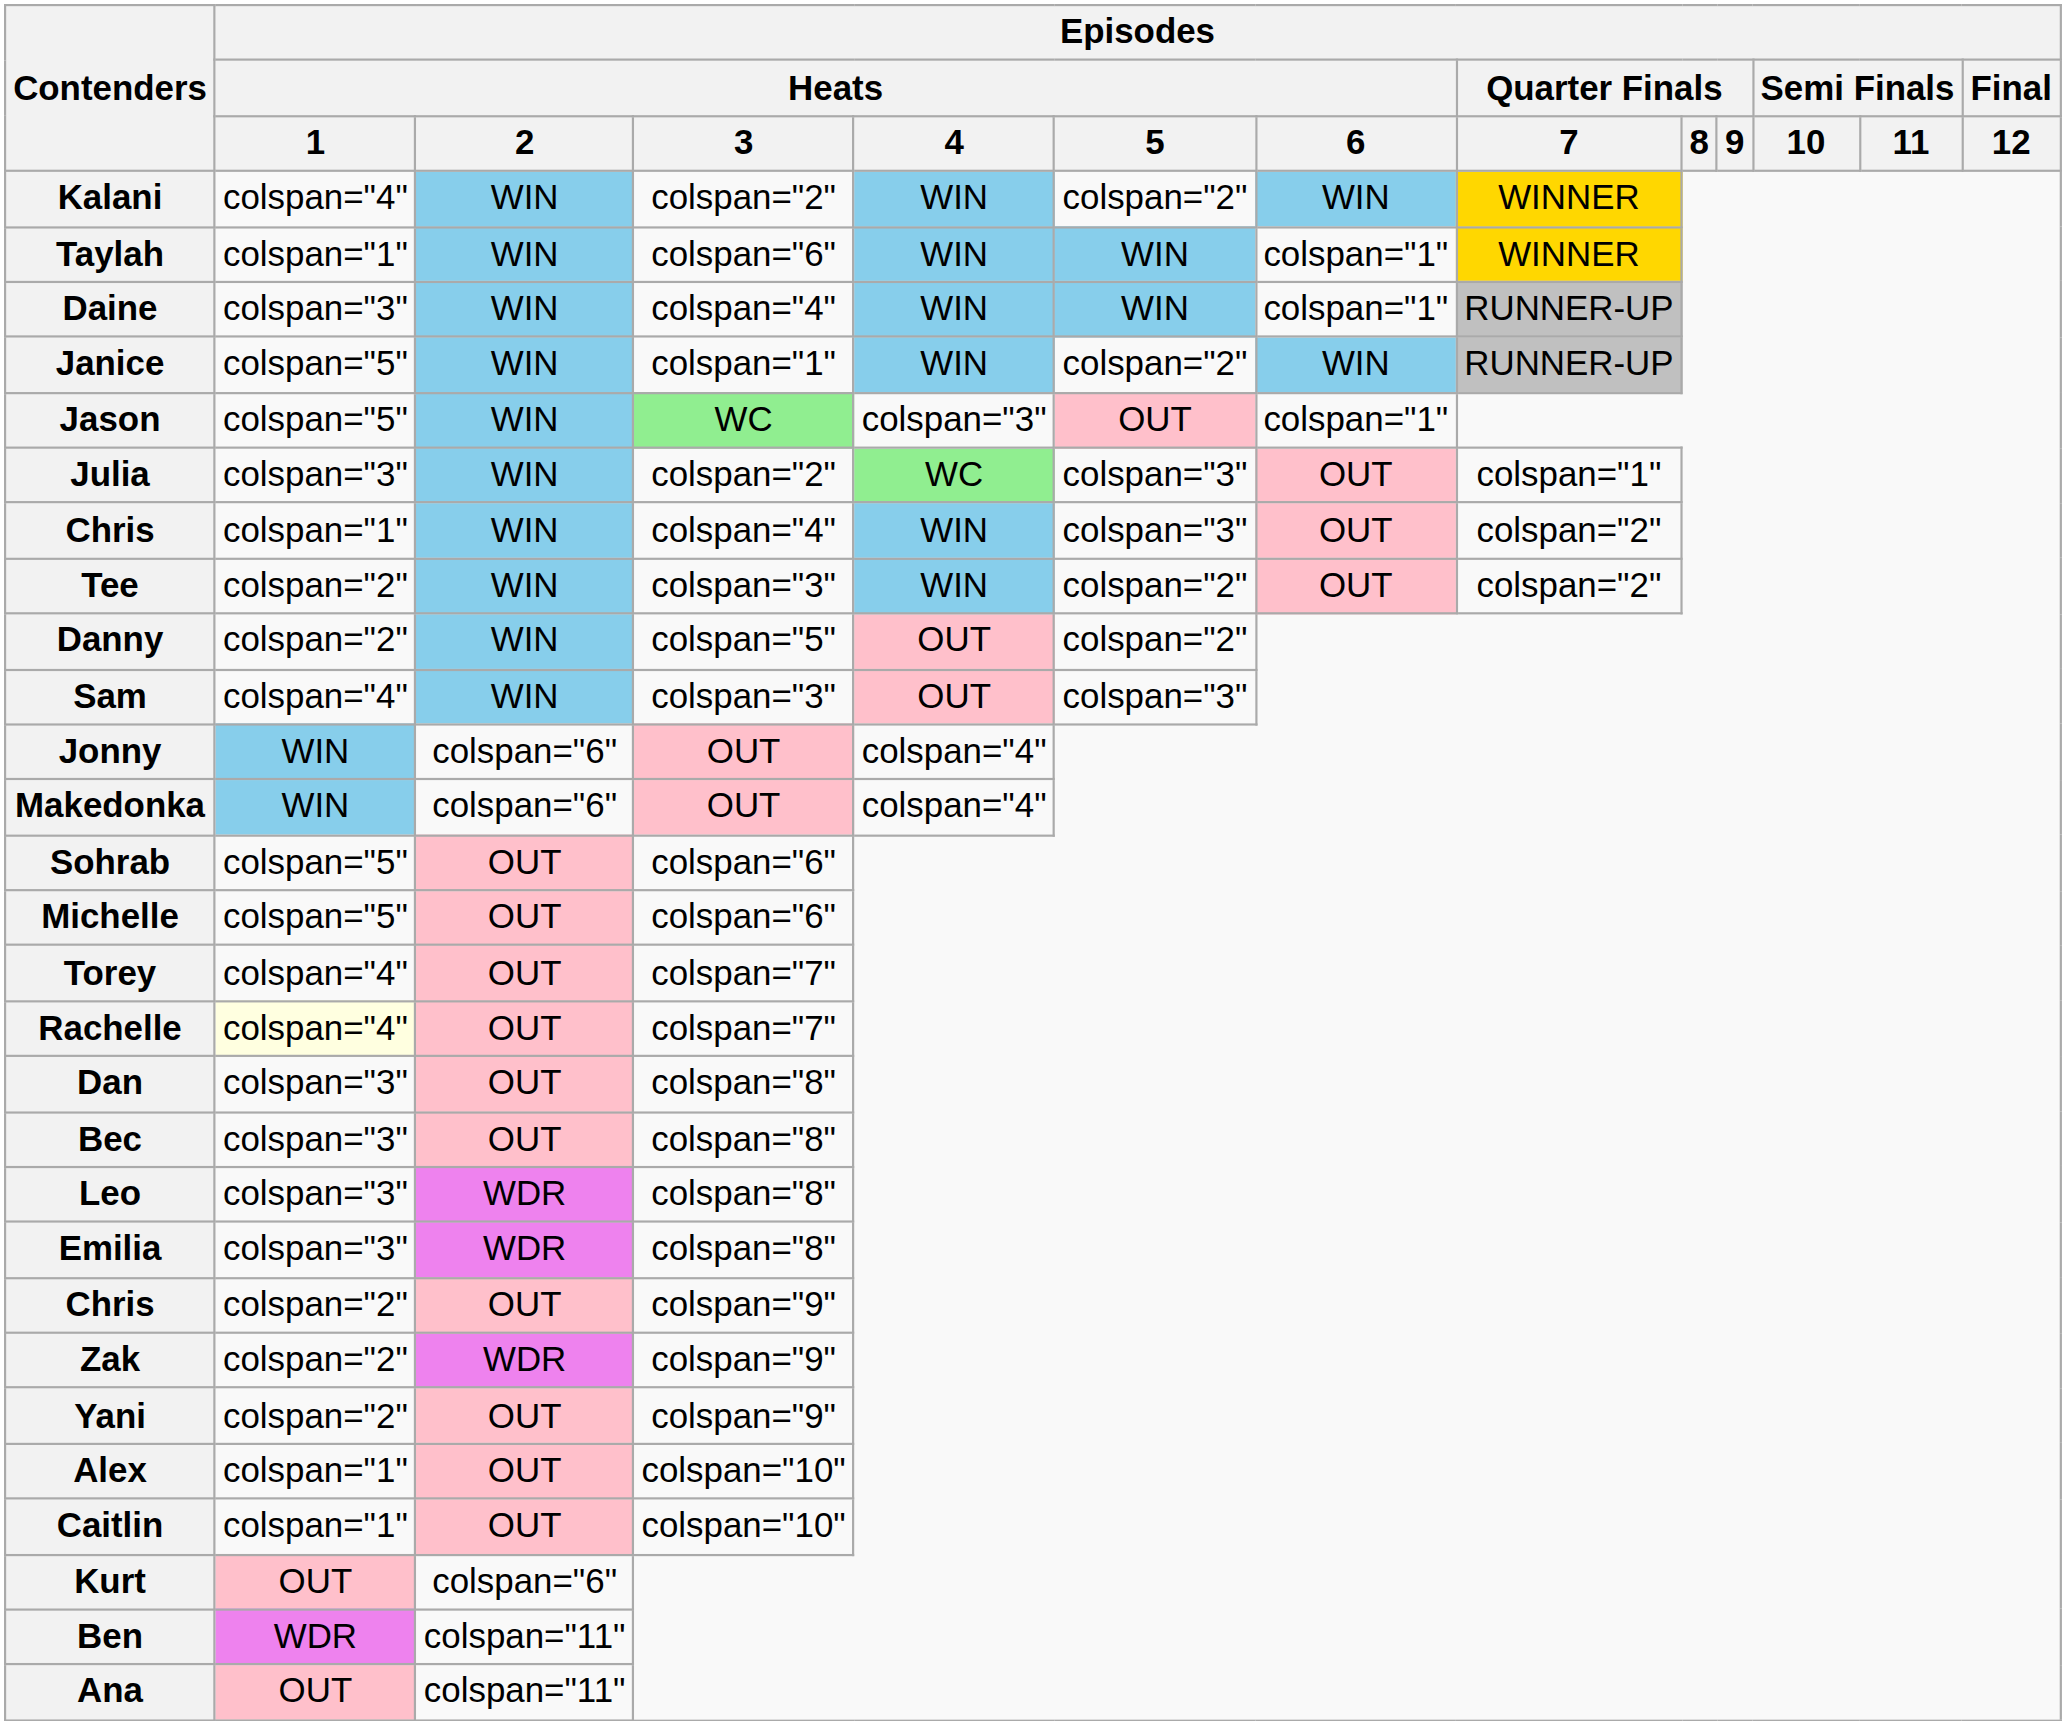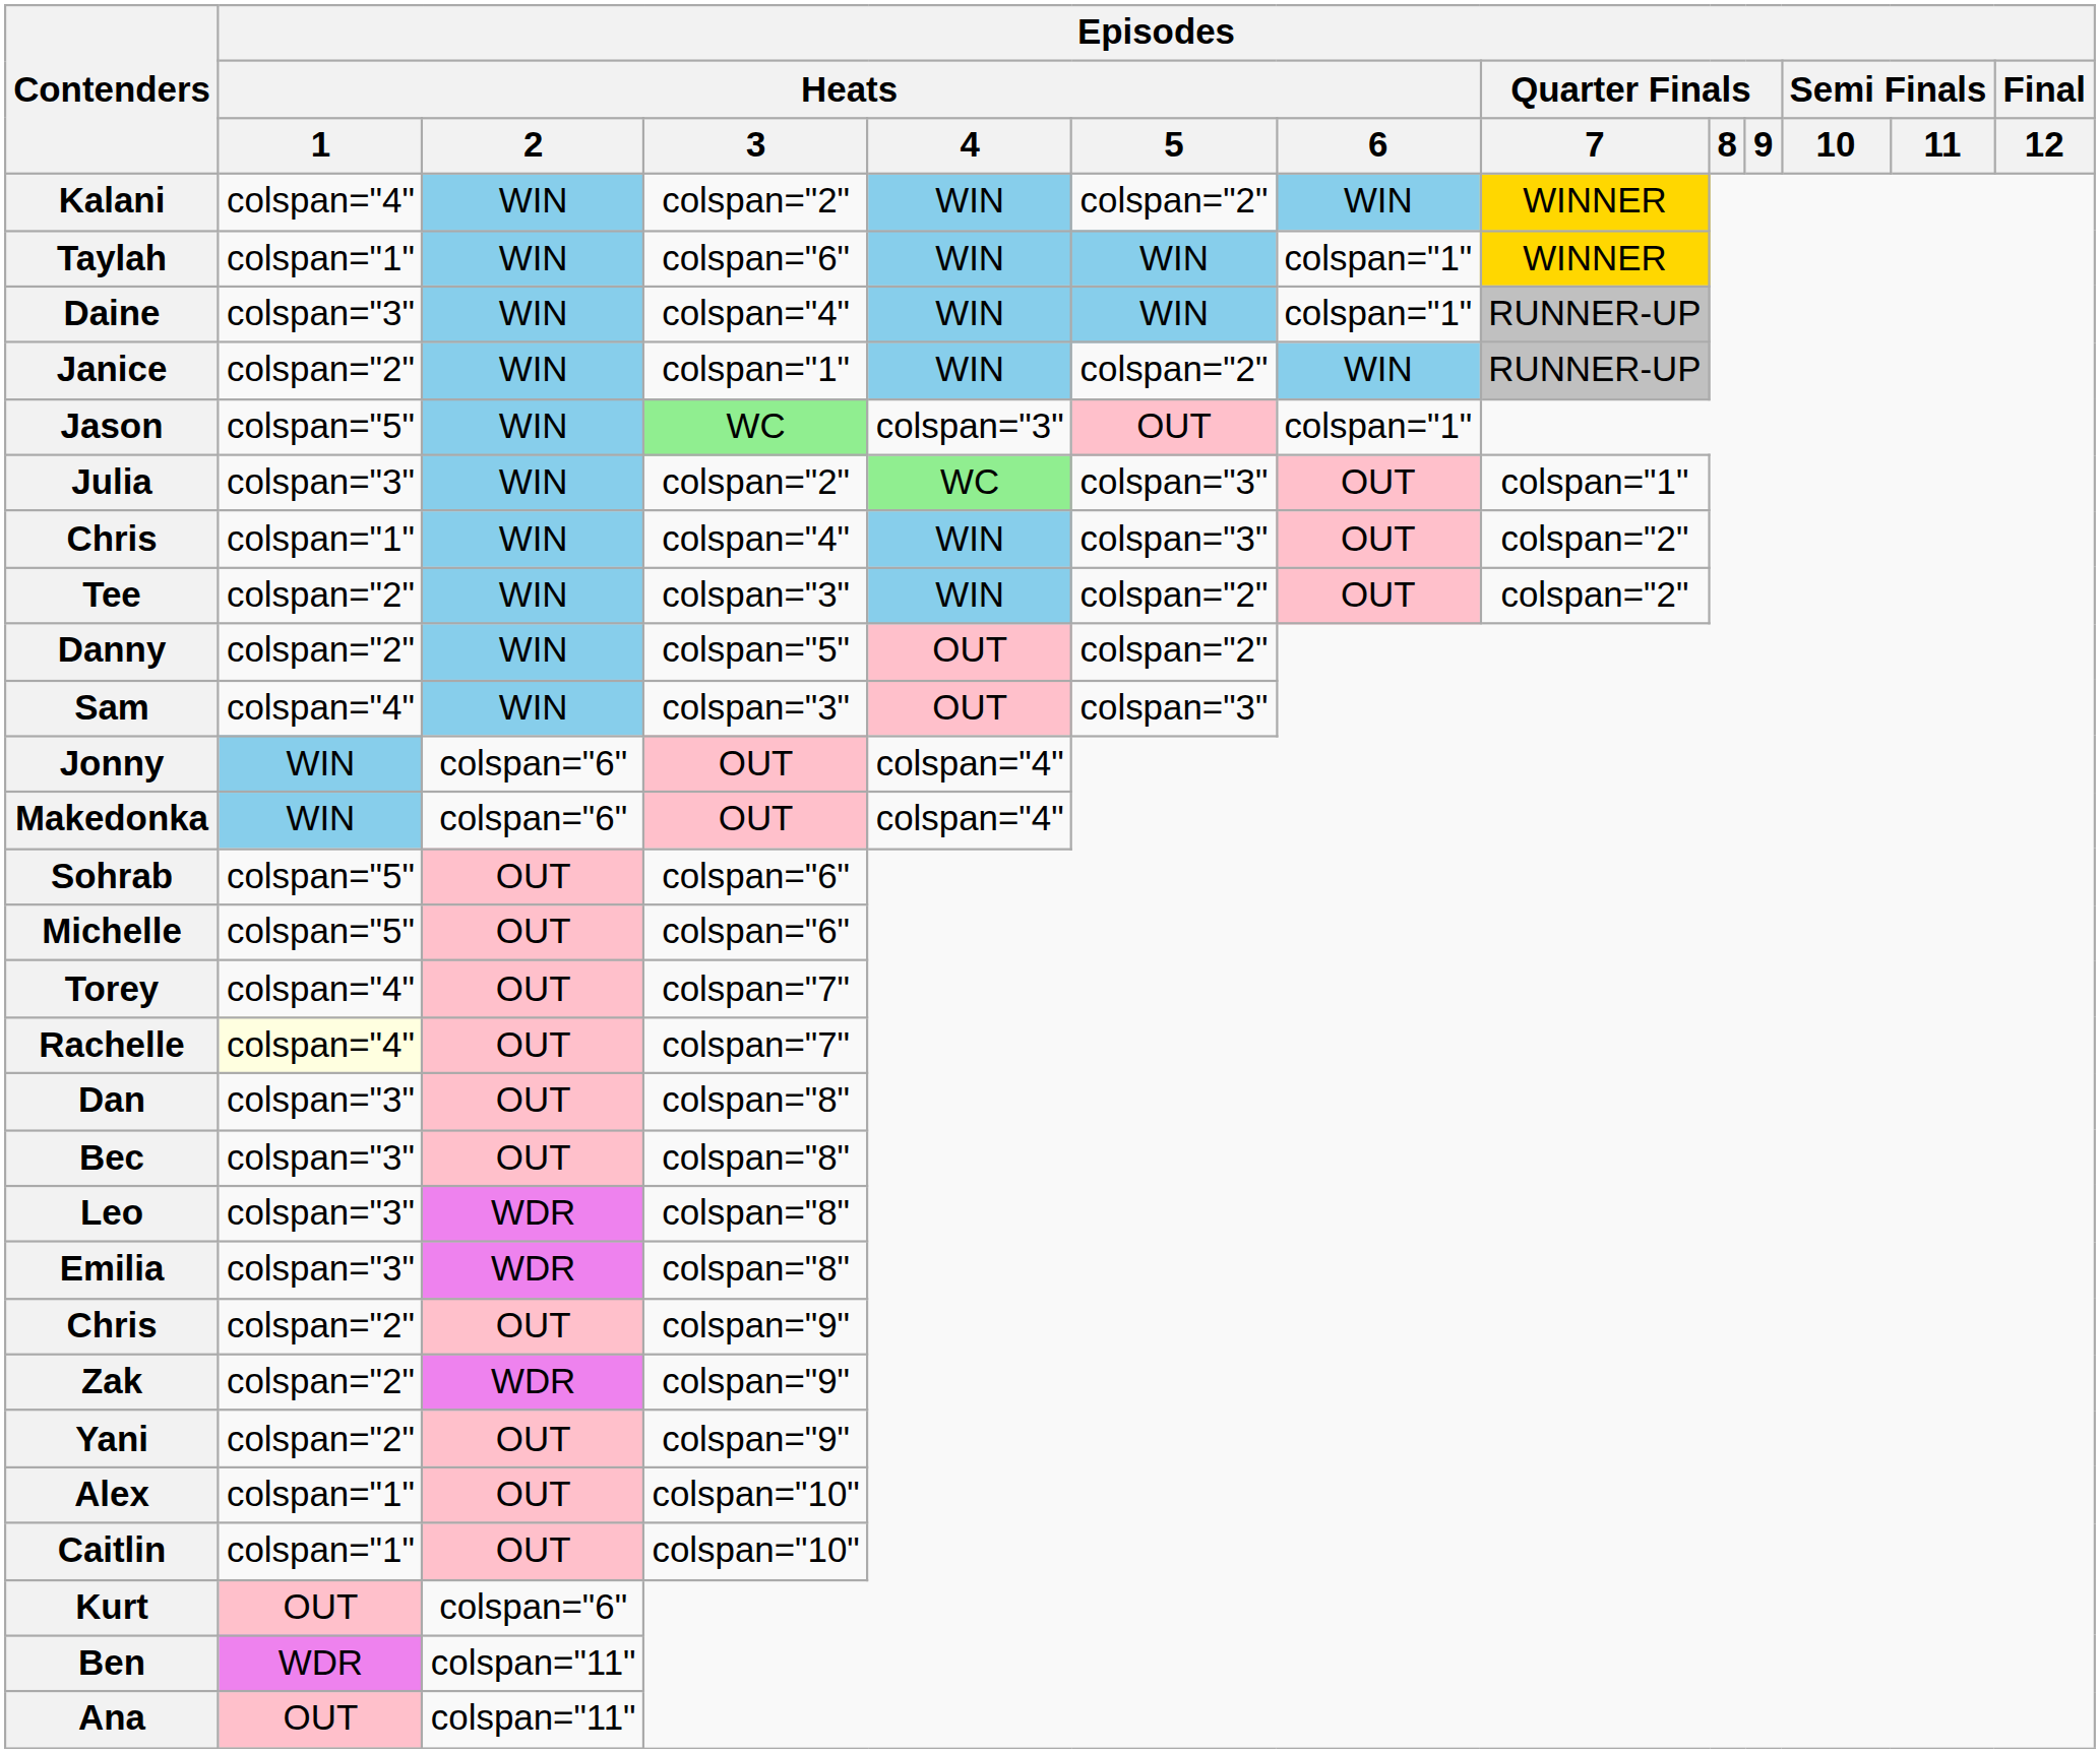 <table class="wikitable" style="text-align:center">
 <tr>
 <th rowspan="3">Contenders</th>
 <th colspan="12">Episodes</th>
 </tr>
 <tr>
 <th colspan="6">Heats</th>
 <th colspan="3">Quarter Finals</th>
 <th colspan="2">Semi Finals</th>
 <th colspan="1">Final</th>
 </tr>
 <tr>
 <th>1</th>
 <th>2</th>
 <th>3</th>
 <th>4</th>
 <th>5</th>
 <th>6</th>
 <th>7</th>
 <th>8</th>
 <th>9</th>
 <th>10</th>
 <th>11</th>
 <th>12</th>
 </tr>
 <tr>
 <th>Kalani</th>
 <td>colspan="4" </td>
 <td bgcolor="skyblue">WIN</td>
 <td>colspan="2" </td>
 <td bgcolor="skyblue">WIN</td>
 <td>colspan="2" </td>
 <td bgcolor="skyblue">WIN</td>
 <td bgcolor="gold">WINNER</td>
 </tr>
 <tr>
 <th>Taylah</th>
 <td>colspan="1" </td>
 <td bgcolor="skyblue">WIN</td>
 <td>colspan="6" </td>
 <td bgcolor="skyblue">WIN</td>
 <td bgcolor="skyblue">WIN</td>
 <td>colspan="1" </td>
 <td bgcolor="gold">WINNER</td>
 </tr>
 <tr>
 <th>Daine</th>
 <td>colspan="3" </td>
 <td bgcolor="skyblue">WIN</td>
 <td>colspan="4" </td>
 <td bgcolor="skyblue">WIN</td>
 <td bgcolor="skyblue">WIN</td>
 <td>colspan="1" </td>
 <td bgcolor="silver">RUNNER-UP</td>
 </tr>
 <tr>
 <th>Janice</th>
-<td>colspan="5" </td>
+<td>colspan="2" </td>
 <td bgcolor="skyblue">WIN</td>
 <td>colspan="1" </td>
 <td bgcolor="skyblue">WIN</td>
 <td>colspan="2" </td>
 <td bgcolor="skyblue">WIN</td>
 <td bgcolor="silver">RUNNER-UP</td>
 </tr>
 <tr>
 <th>Jason</th>
 <td>colspan="5" </td>
 <td bgcolor="skyblue">WIN</td>
 <td bgcolor="lightgreen">WC</td>
 <td>colspan="3" </td>
 <td bgcolor="pink">OUT</td>
 <td>colspan="1" </td>
 </tr>
 <tr>
 <th>Julia</th>
 <td>colspan="3" </td>
 <td bgcolor="skyblue">WIN</td>
 <td>colspan="2" </td>
 <td bgcolor="lightgreen">WC</td>
 <td>colspan="3" </td>
 <td bgcolor="pink">OUT</td>
 <td>colspan="1" </td>
 </tr>
 <tr>
 <th>Chris</th>
 <td>colspan="1" </td>
 <td bgcolor="skyblue">WIN</td>
 <td>colspan="4" </td>
 <td bgcolor="skyblue">WIN</td>
 <td>colspan="3" </td>
 <td bgcolor="pink">OUT</td>
 <td>colspan="2" </td>
 </tr>
 <tr>
 <th>Tee</th>
 <td>colspan="2" </td>
 <td bgcolor="skyblue">WIN</td>
 <td>colspan="3" </td>
 <td bgcolor="skyblue">WIN</td>
 <td>colspan="2" </td>
 <td bgcolor="pink">OUT</td>
 <td>colspan="2" </td>
 </tr>
 <tr>
 <th>Danny</th>
 <td>colspan="2" </td>
 <td bgcolor="skyblue">WIN</td>
 <td>colspan="5" </td>
 <td bgcolor="pink">OUT</td>
 <td>colspan="2" </td>
 </tr>
 <tr>
 <th>Sam</th>
 <td>colspan="4" </td>
 <td bgcolor="skyblue">WIN</td>
 <td>colspan="3" </td>
 <td bgcolor="pink">OUT</td>
 <td>colspan="3" </td>
 </tr>
 <tr>
 <th>Jonny</th>
 <td bgcolor="skyblue">WIN</td>
 <td>colspan="6" </td>
 <td bgcolor="pink">OUT</td>
 <td>colspan="4" </td>
 </tr>
 <tr>
 <th>Makedonka</th>
 <td bgcolor="skyblue">WIN</td>
 <td>colspan="6" </td>
 <td bgcolor="pink">OUT</td>
 <td>colspan="4" </td>
 </tr>
 <tr>
 <th>Sohrab</th>
 <td>colspan="5" </td>
 <td bgcolor="pink">OUT</td>
 <td>colspan="6" </td>
 </tr>
 <tr>
 <th>Michelle</th>
 <td>colspan="5" </td>
 <td bgcolor="pink">OUT</td>
 <td>colspan="6" </td>
 </tr>
 <tr>
 <th>Torey</th>
 <td>colspan="4" </td>
 <td bgcolor="pink">OUT</td>
 <td>colspan="7" </td>
 </tr>
 <tr>
 <th>Rachelle</th>
 <td style="background: lightyellow;">colspan="4" </td>
 <td bgcolor="pink">OUT</td>
 <td>colspan="7" </td>
 </tr>
 <tr>
 <th>Dan</th>
 <td>colspan="3" </td>
 <td bgcolor="pink">OUT</td>
 <td>colspan="8" </td>
 </tr>
 <tr>
 <th>Bec</th>
 <td>colspan="3" </td>
 <td bgcolor="pink">OUT</td>
 <td>colspan="8" </td>
 </tr>
 <tr>
 <th>Leo</th>
 <td>colspan="3" </td>
 <td bgcolor="violet">WDR</td>
 <td>colspan="8" </td>
 </tr>
 <tr>
 <th>Emilia</th>
 <td>colspan="3" </td>
 <td bgcolor="violet">WDR</td>
 <td>colspan="8" </td>
 </tr>
 <tr>
 <th>Chris</th>
 <td>colspan="2" </td>
 <td bgcolor="pink">OUT</td>
 <td>colspan="9" </td>
 </tr>
 <tr>
 <th>Zak</th>
 <td>colspan="2" </td>
 <td bgcolor="violet">WDR</td>
 <td>colspan="9" </td>
 </tr>
 <tr>
 <th>Yani</th>
 <td>colspan="2" </td>
 <td bgcolor="pink">OUT</td>
 <td>colspan="9" </td>
 </tr>
 <tr>
 <th>Alex</th>
 <td>colspan="1" </td>
 <td bgcolor="pink">OUT</td>
 <td>colspan="10" </td>
 </tr>
 <tr>
 <th>Caitlin</th>
 <td>colspan="1" </td>
 <td bgcolor="pink">OUT</td>
 <td>colspan="10" </td>
 </tr>
 <tr>
 <th>Kurt</th>
 <td bgcolor="pink">OUT</td>
 <td>colspan="6" </td>
 </tr>
 <tr>
 <th>Ben</th>
 <td bgcolor="violet">WDR</td>
 <td>colspan="11" </td>
 </tr>
 <tr>
 <th>Ana</th>
 <td bgcolor="pink">OUT</td>
 <td>colspan="11" </td>
 </tr>
 <tr>
 </tr>
 </table>
